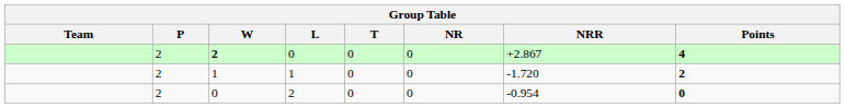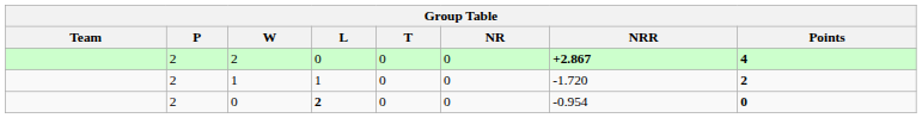 <table class="wikitable" width=85%>
 <tr>
 <th colspan="8">Group Table</th>
 </tr>
 <tr>
 <th>Team</th>
 <th>P</th>
 <th>W</th>
 <th>L</th>
 <th>T</th>
 <th>NR</th>
 <th>NRR</th>
 <th>Points</th>
 </tr>
 <tr style="background:#ccffcc">
 <td align=left></td>
 <td>2</td>
-<td><strong>2</strong></td>
+<td>2</td>
 <td>0</td>
 <td>0</td>
 <td>0</td>
-<td>+2.867</td>
+<td><strong>+2.867</strong></td>
 <td><strong>4</strong></td>
 </tr>
 <tr>
 <td align=left></td>
 <td>2</td>
 <td>1</td>
 <td>1</td>
 <td>0</td>
 <td>0</td>
 <td>-1.720</td>
 <td><strong>2</strong></td>
 </tr>
 <tr>
 <td align=left></td>
 <td>2</td>
 <td>0</td>
-<td>2</td>
+<td><strong>2</strong></td>
 <td>0</td>
 <td>0</td>
 <td>-0.954</td>
 <td><strong>0</strong></td>
 </tr>
 </table>
